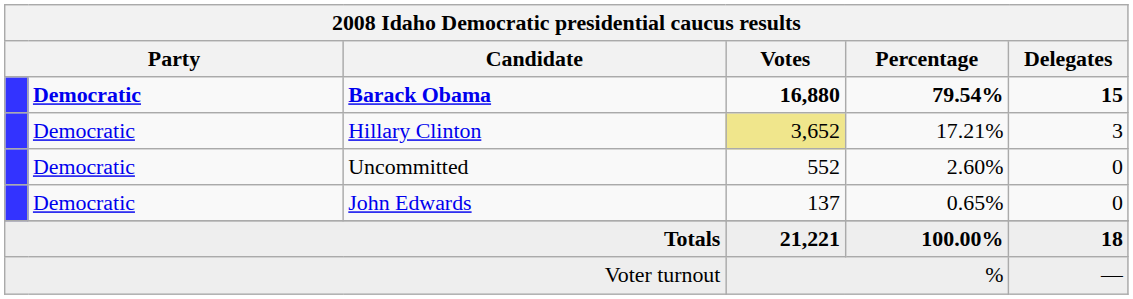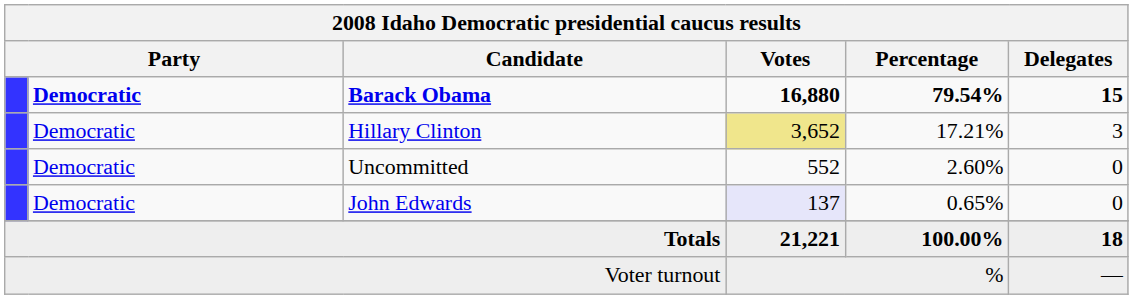 <table class="wikitable" style="font-size:95%;">
 <tr>
 <th colspan="7">2008 Idaho Democratic presidential caucus results</th>
 </tr>
 <tr>
 <th colspan="2" style="width: 15em">Party</th>
 <th style="width: 17em">Candidate</th>
 <th style="width: 5em">Votes</th>
 <th style="width: 7em">Percentage</th>
 <th style="width: 5em">Delegates</th>
 </tr>
 <tr>
 <th style="background-color:#3333FF; width: 3px"></th>
 <td style="width: 130px"><strong><a href='#'>Democratic</a></strong></td>
 <td><strong><a href='#'>Barack Obama</a></strong></td>
 <td align="right"><strong>16,880</strong></td>
 <td align="right"><strong>79.54%</strong></td>
 <td align="right"><strong>15</strong></td>
 </tr>
 <tr>
 <th style="background-color:#3333FF; width: 3px"></th>
 <td style="width: 130px"><a href='#'>Democratic</a></td>
 <td><a href='#'>Hillary Clinton</a></td>
 <td align="right" style="background: khaki;">3,652</td>
 <td align="right">17.21%</td>
 <td align="right">3</td>
 </tr>
 <tr>
 <th style="background-color:#3333FF; width: 3px"></th>
 <td style="width: 130px"><a href='#'>Democratic</a></td>
 <td>Uncommitted</td>
 <td align="right">552</td>
 <td align="right">2.60%</td>
 <td align="right">0</td>
 </tr>
 <tr>
 <th style="background-color:#3333FF; width: 3px"></th>
 <td style="width: 130px"><a href='#'>Democratic</a></td>
 <td><a href='#'>John Edwards</a></td>
-<td align="right">137</td>
+<td align="right" style="background: lavender;">137</td>
 <td align="right">0.65%</td>
 <td align="right">0</td>
 </tr>
 <tr>
 </tr>
 <tr bgcolor="#EEEEEE">
 <td colspan="3" align="right"><strong>Totals</strong></td>
 <td align="right"><strong>21,221</strong></td>
 <td align="right"><strong>100.00%</strong></td>
 <td align="right"><strong>18</strong></td>
 </tr>
 <tr bgcolor="#EEEEEE">
 <td colspan="3" align="right">Voter turnout</td>
 <td colspan="2" align="right">%</td>
 <td align="right">—</td>
 </tr>
 </table>
